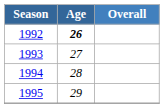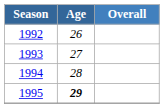 <table class="wikitable" style="font-size:95%; text-align:center; border:grey solid 1px; border-collapse:collapse; background:#ffffff;">
 <tr>
 <th style="background-color:#369; color:white; width:60px;"> Season </th>
 <th style="background-color:#369; color:white; width:40px;"> Age </th>
 <th style="background-color:#4180be; color:white; width:75px;">Overall</th>
 </tr>
 <tr>
 <td><a href='#'>1992</a></td>
-<td><strong><em>26</em></strong></td>
+<td><em>26</em></td>
 <td></td>
 </tr>
 <tr>
 <td><a href='#'>1993</a></td>
 <td><em>27</em></td>
 <td></td>
 </tr>
 <tr>
 <td><a href='#'>1994</a></td>
 <td><em>28</em></td>
 <td></td>
 </tr>
 <tr>
 <td><a href='#'>1995</a></td>
-<td><em>29</em></td>
+<td><strong><em>29</em></strong></td>
 <td></td>
 </tr>
 <tr>
 </tr>
 </table>
